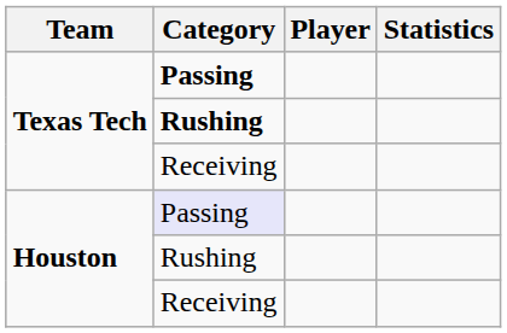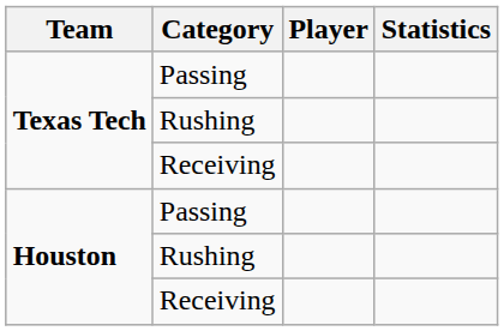 <table class="wikitable" style="float: right;">
 <tr>
 <th>Team</th>
 <th>Category</th>
 <th>Player</th>
 <th>Statistics</th>
 </tr>
 <tr>
 <td rowspan=3><strong>Texas Tech</strong></td>
-<td><strong>Passing</strong></td>
+<td>Passing</td>
 <td></td>
 <td></td>
 </tr>
 <tr>
-<td><strong>Rushing</strong></td>
+<td>Rushing</td>
 <td></td>
 <td></td>
 </tr>
 <tr>
 <td>Receiving</td>
 <td></td>
 <td></td>
 </tr>
 <tr>
 <td rowspan=3><strong>Houston</strong></td>
-<td style="background: lavender;">Passing</td>
+<td>Passing</td>
 <td></td>
 <td></td>
 </tr>
 <tr>
 <td>Rushing</td>
 <td></td>
 <td></td>
 </tr>
 <tr>
 <td>Receiving</td>
 <td></td>
 <td></td>
 </tr>
 </table>
